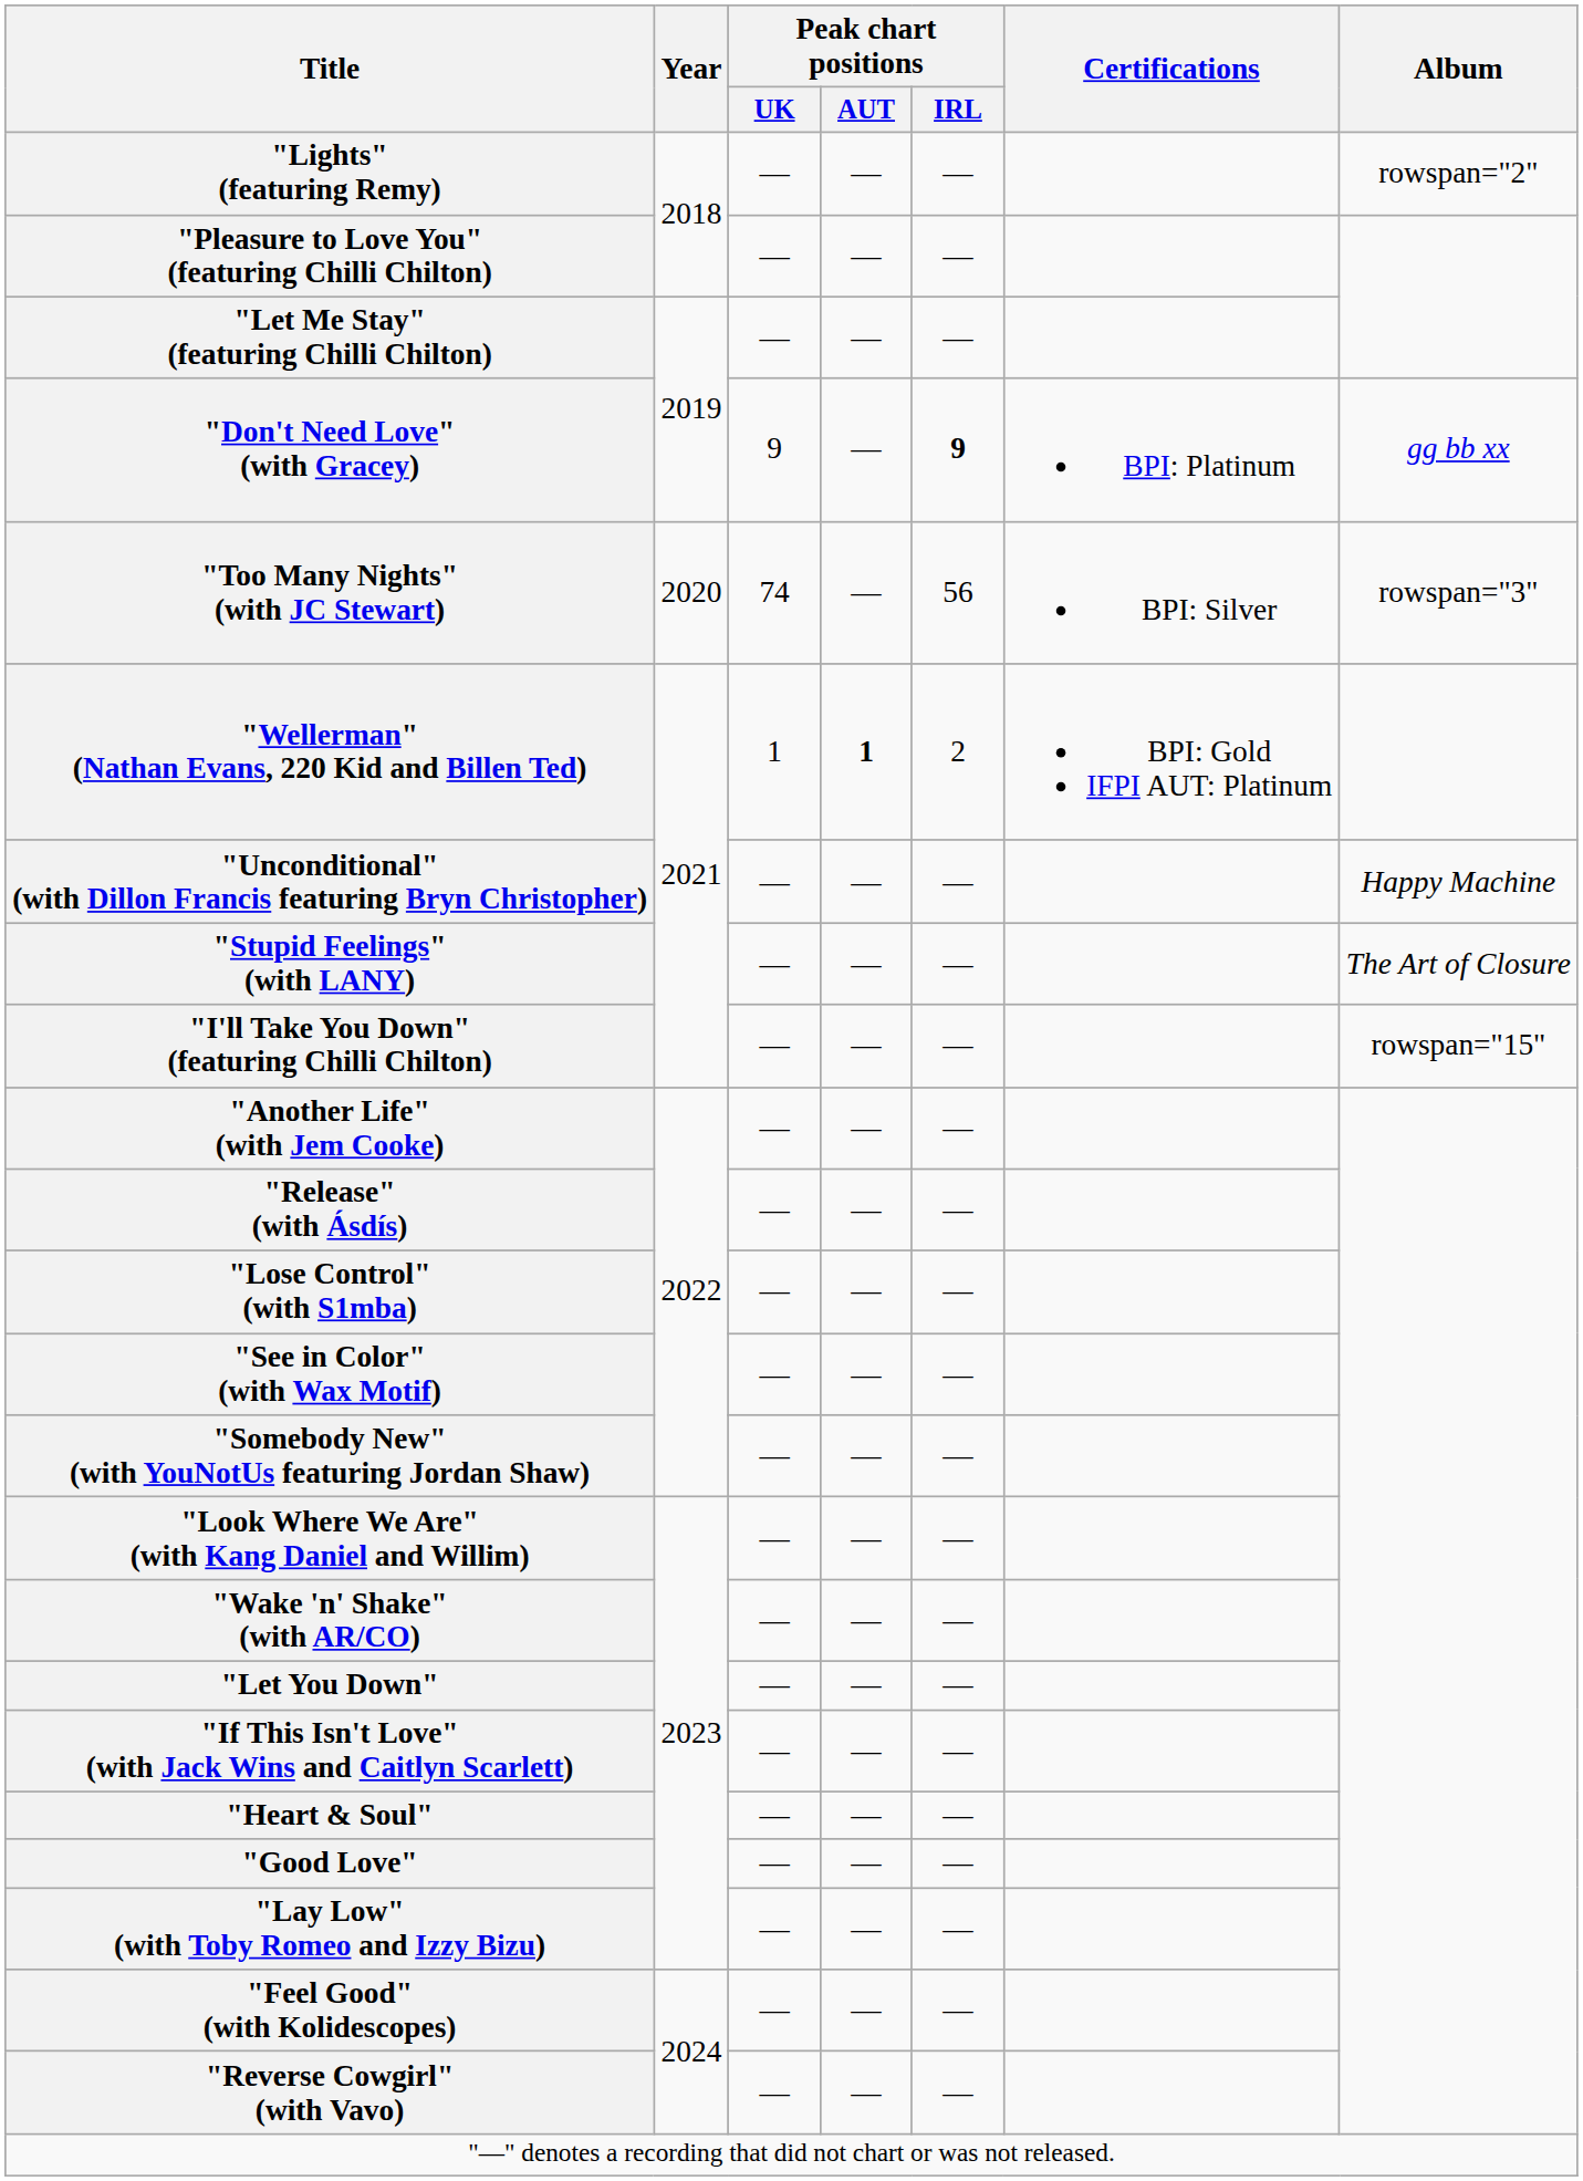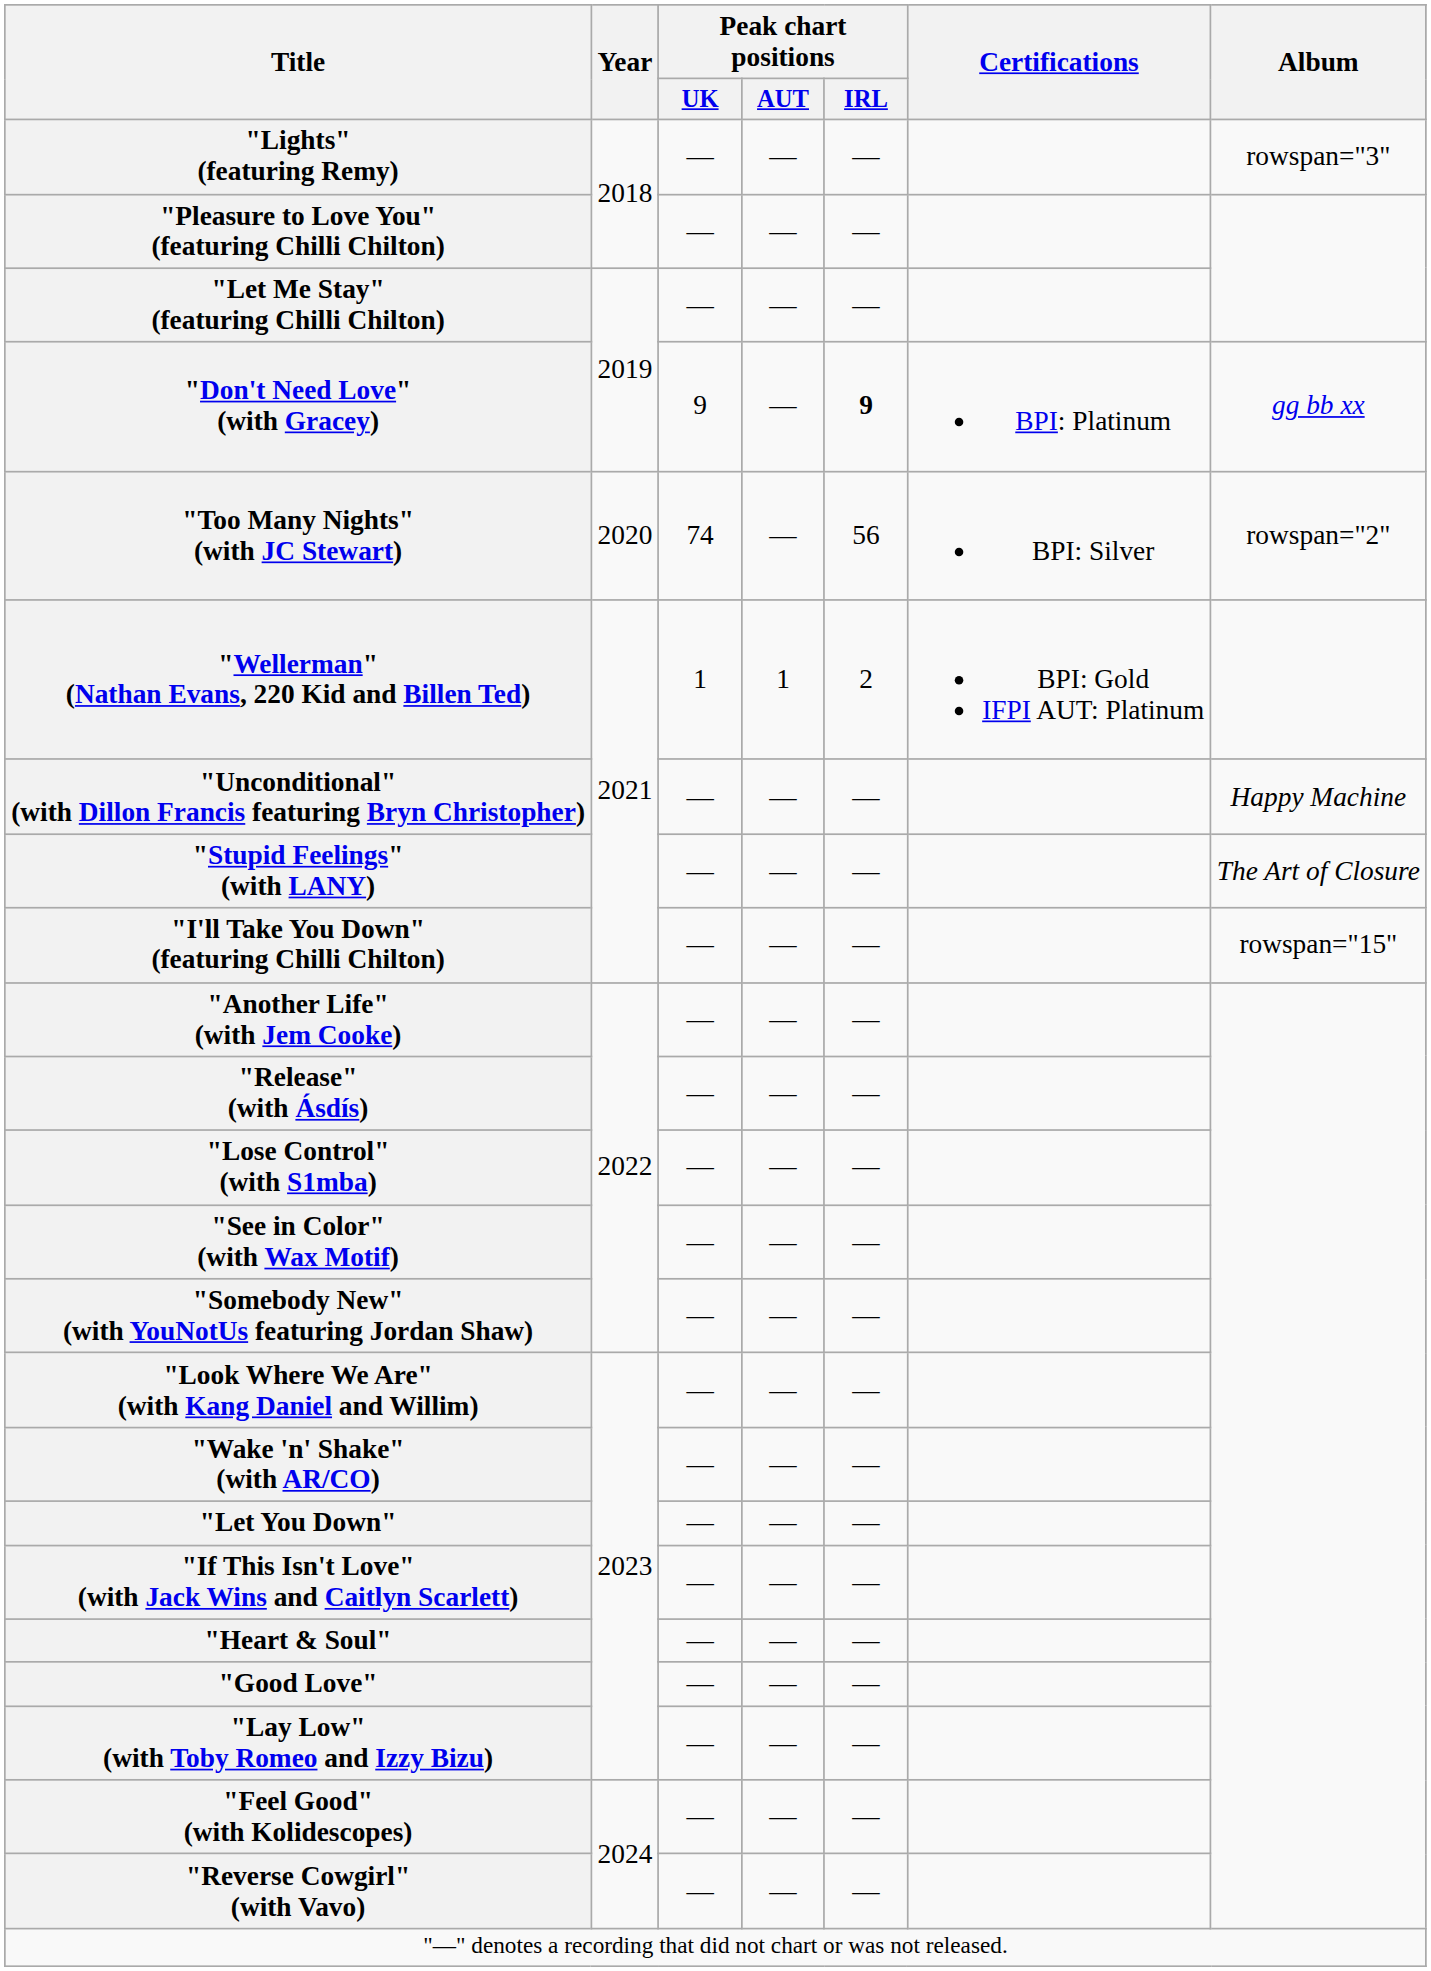 <table class="wikitable plainrowheaders" style="text-align:center;">
 <tr>
 <th scope="col" rowspan="2">Title</th>
 <th scope="col" rowspan="2">Year</th>
 <th scope="col" colspan="3">Peak chart positions</th>
 <th scope="col" rowspan="2"><a href='#'>Certifications</a></th>
 <th scope="col" rowspan="2">Album</th>
 </tr>
 <tr>
 <th scope="col" style="width:2.9em;font-size:90%;"><a href='#'>UK</a><br></th>
 <th scope="col" style="width:2.9em;font-size:90%;"><a href='#'>AUT</a><br></th>
 <th scope="col" style="width:2.9em;font-size:90%;"><a href='#'>IRL</a><br></th>
 </tr>
 <tr>
 <th scope="row">"Lights"<br><span>(featuring Remy)</span></th>
 <td rowspan="2">2018</td>
 <td>—</td>
 <td>—</td>
 <td>—</td>
 <td></td>
-<td>rowspan="2" </td>
+<td>rowspan="3"</td>
 </tr>
 <tr>
 <th scope="row">"Pleasure to Love You"<br><span>(featuring Chilli Chilton)</span></th>
 <td>—</td>
 <td>—</td>
 <td>—</td>
 <td></td>
 </tr>
 <tr>
 <th scope="row">"Let Me Stay"<br><span>(featuring Chilli Chilton)</span></th>
 <td rowspan="2">2019</td>
 <td>—</td>
 <td>—</td>
 <td>—</td>
 <td></td>
 </tr>
 <tr>
 <th scope="row">"<a href='#'>Don't Need Love</a>"<br><span>(with <a href='#'>Gracey</a>)</span></th>
 <td>9<br></td>
 <td>—</td>
 <td><strong>9</strong></td>
 <td><br><ul><li><a href='#'>BPI</a>: Platinum</li></ul></td>
 <td><em><a href='#'>gg bb xx</a></em></td>
 </tr>
 <tr>
 <th scope="row">"Too Many Nights"<br><span>(with <a href='#'>JC Stewart</a>)</span></th>
 <td>2020</td>
 <td>74<br></td>
 <td>—</td>
 <td>56</td>
 <td><br><ul><li>BPI: Silver</li></ul></td>
-<td>rowspan="3"</td>
+<td>rowspan="2" </td>
 </tr>
 <tr>
 <th scope="row">"<a href='#'>Wellerman</a>"<br><span>(<a href='#'>Nathan Evans</a>, 220 Kid and <a href='#'>Billen Ted</a>)</span></th>
 <td rowspan="4">2021</td>
 <td>1<br></td>
-<td><strong>1</strong></td>
+<td>1</td>
 <td>2<br></td>
 <td><br><ul><li>BPI: Gold</li><li><a href='#'>IFPI</a> AUT: Platinum</li></ul></td>
 </tr>
 <tr>
 <th scope="row">"Unconditional" <br><span>(with <a href='#'>Dillon Francis</a> featuring <a href='#'>Bryn Christopher</a>)</span></th>
 <td>—</td>
 <td>—</td>
 <td>—</td>
 <td></td>
 <td><em>Happy Machine</em></td>
 </tr>
 <tr>
 <th scope="row">"<a href='#'>Stupid Feelings</a>"<br><span>(with <a href='#'>LANY</a>)</span></th>
 <td>—</td>
 <td>—</td>
 <td>—</td>
 <td></td>
 <td><em>The Art of Closure</em></td>
 </tr>
 <tr>
 <th scope="row">"I'll Take You Down"<br><span>(featuring Chilli Chilton)</span></th>
 <td>—</td>
 <td>—</td>
 <td>—</td>
 <td></td>
 <td>rowspan="15"</td>
 </tr>
 <tr>
 <th scope="row">"Another Life"<br><span>(with <a href='#'>Jem Cooke</a>)</span></th>
 <td rowspan="5">2022</td>
 <td>—</td>
 <td>—</td>
 <td>—</td>
 <td></td>
 </tr>
 <tr>
 <th scope="row">"Release"<br><span>(with <a href='#'>Ásdís</a>)</span></th>
 <td>—</td>
 <td>—</td>
 <td>—</td>
 <td></td>
 </tr>
 <tr>
 <th scope="row">"Lose Control"<br><span>(with <a href='#'>S1mba</a>)</span></th>
 <td>—</td>
 <td>—</td>
 <td>—</td>
 <td></td>
 </tr>
 <tr>
 <th scope="row">"See in Color"<br><span>(with <a href='#'>Wax Motif</a>)</span></th>
 <td>—</td>
 <td>—</td>
 <td>—</td>
 <td></td>
 </tr>
 <tr>
 <th scope="row">"Somebody New"<br><span>(with <a href='#'>YouNotUs</a> featuring Jordan Shaw)</span></th>
 <td>—</td>
 <td>—</td>
 <td>—</td>
 <td></td>
 </tr>
 <tr>
 <th scope="row">"Look Where We Are"<br><span>(with <a href='#'>Kang Daniel</a> and Willim)</span></th>
 <td rowspan="7">2023</td>
 <td>—</td>
 <td>—</td>
 <td>—</td>
 <td></td>
 </tr>
 <tr>
 <th scope="row">"Wake 'n' Shake"<br><span>(with <a href='#'>AR/CO</a>)</span></th>
 <td>—</td>
 <td>—</td>
 <td>—</td>
 <td></td>
 </tr>
 <tr>
 <th scope="row">"Let You Down"</th>
 <td>—</td>
 <td>—</td>
 <td>—</td>
 <td></td>
 </tr>
 <tr>
 <th scope="row">"If This Isn't Love"<br><span>(with <a href='#'>Jack Wins</a> and <a href='#'>Caitlyn Scarlett</a>)</span></th>
 <td>—</td>
 <td>—</td>
 <td>—</td>
 <td></td>
 </tr>
 <tr>
 <th scope="row">"Heart & Soul"</th>
 <td>—</td>
 <td>—</td>
 <td>—</td>
 <td></td>
 </tr>
 <tr>
 <th scope="row">"Good Love"</th>
 <td>—</td>
 <td>—</td>
 <td>—</td>
 <td></td>
 </tr>
 <tr>
 <th scope="row">"Lay Low"<br><span>(with <a href='#'>Toby Romeo</a> and <a href='#'>Izzy Bizu</a>)</span></th>
 <td>—</td>
 <td>—</td>
 <td>—</td>
 <td></td>
 </tr>
 <tr>
 <th scope="row">"Feel Good"<br><span>(with Kolidescopes)</span></th>
 <td rowspan="2">2024</td>
 <td>—</td>
 <td>—</td>
 <td>—</td>
 <td></td>
 </tr>
 <tr>
 <th scope="row">"Reverse Cowgirl"<br><span>(with Vavo)</span></th>
 <td>—</td>
 <td>—</td>
 <td>—</td>
 <td></td>
 </tr>
 <tr>
 <td colspan="7" style="font-size:85%">"—" denotes a recording that did not chart or was not released.</td>
 </tr>
 </table>
